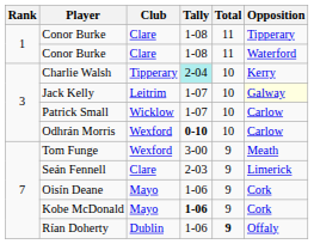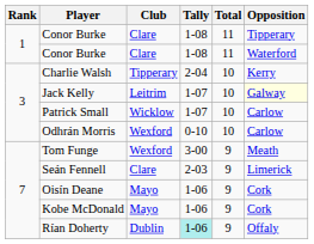 <table class="wikitable">
 <tr>
 <th>Rank</th>
 <th>Player</th>
 <th>Club</th>
 <th>Tally</th>
 <th>Total</th>
 <th>Opposition</th>
 </tr>
 <tr>
 <td rowspan="2" style="text-align:center;">1</td>
 <td>Conor Burke</td>
 <td><a href='#'>Clare</a></td>
 <td align=center>1-08</td>
 <td align=center>11</td>
 <td><a href='#'>Tipperary</a></td>
 </tr>
 <tr>
 <td>Conor Burke</td>
 <td><a href='#'>Clare</a></td>
 <td align=center>1-08</td>
 <td align=center>11</td>
 <td><a href='#'>Waterford</a></td>
 </tr>
 <tr>
 <td rowspan="4" style="text-align:center;">3</td>
 <td>Charlie Walsh</td>
 <td><a href='#'>Tipperary</a></td>
-<td align=center style="background: paleturquoise;">2-04</td>
+<td align=center>2-04</td>
 <td align=center>10</td>
 <td><a href='#'>Kerry</a></td>
 </tr>
 <tr>
 <td>Jack Kelly</td>
 <td><a href='#'>Leitrim</a></td>
 <td align=center>1-07</td>
 <td align=center>10</td>
 <td style="background: lightyellow;"><a href='#'>Galway</a></td>
 </tr>
 <tr>
 <td>Patrick Small</td>
 <td><a href='#'>Wicklow</a></td>
 <td align=center>1-07</td>
 <td align=center>10</td>
 <td><a href='#'>Carlow</a></td>
 </tr>
 <tr>
 <td>Odhrán Morris</td>
 <td><a href='#'>Wexford</a></td>
-<td align=center><strong>0-10</strong></td>
+<td align=center>0-10</td>
 <td align=center>10</td>
 <td><a href='#'>Carlow</a></td>
 </tr>
 <tr>
 <td rowspan="5" style="text-align:center;">7</td>
 <td>Tom Funge</td>
 <td><a href='#'>Wexford</a></td>
 <td align=center>3-00</td>
 <td align=center>9</td>
 <td><a href='#'>Meath</a></td>
 </tr>
 <tr>
 <td>Seán Fennell</td>
 <td><a href='#'>Clare</a></td>
 <td align=center>2-03</td>
 <td align=center>9</td>
 <td><a href='#'>Limerick</a></td>
 </tr>
 <tr>
 <td>Oisín Deane</td>
 <td><a href='#'>Mayo</a></td>
 <td align=center>1-06</td>
 <td align=center>9</td>
 <td><a href='#'>Cork</a></td>
 </tr>
 <tr>
 <td>Kobe McDonald</td>
 <td><a href='#'>Mayo</a></td>
-<td align=center><strong>1-06</strong></td>
+<td align=center>1-06</td>
 <td align=center>9</td>
 <td><a href='#'>Cork</a></td>
 </tr>
 <tr>
 <td>Rían Doherty</td>
 <td><a href='#'>Dublin</a></td>
-<td align=center>1-06</td>
-<td align=center><strong>9</strong></td>
+<td align=center style="background: paleturquoise;">1-06</td>
+<td align=center>9</td>
 <td><a href='#'>Offaly</a></td>
 </tr>
 </table>
